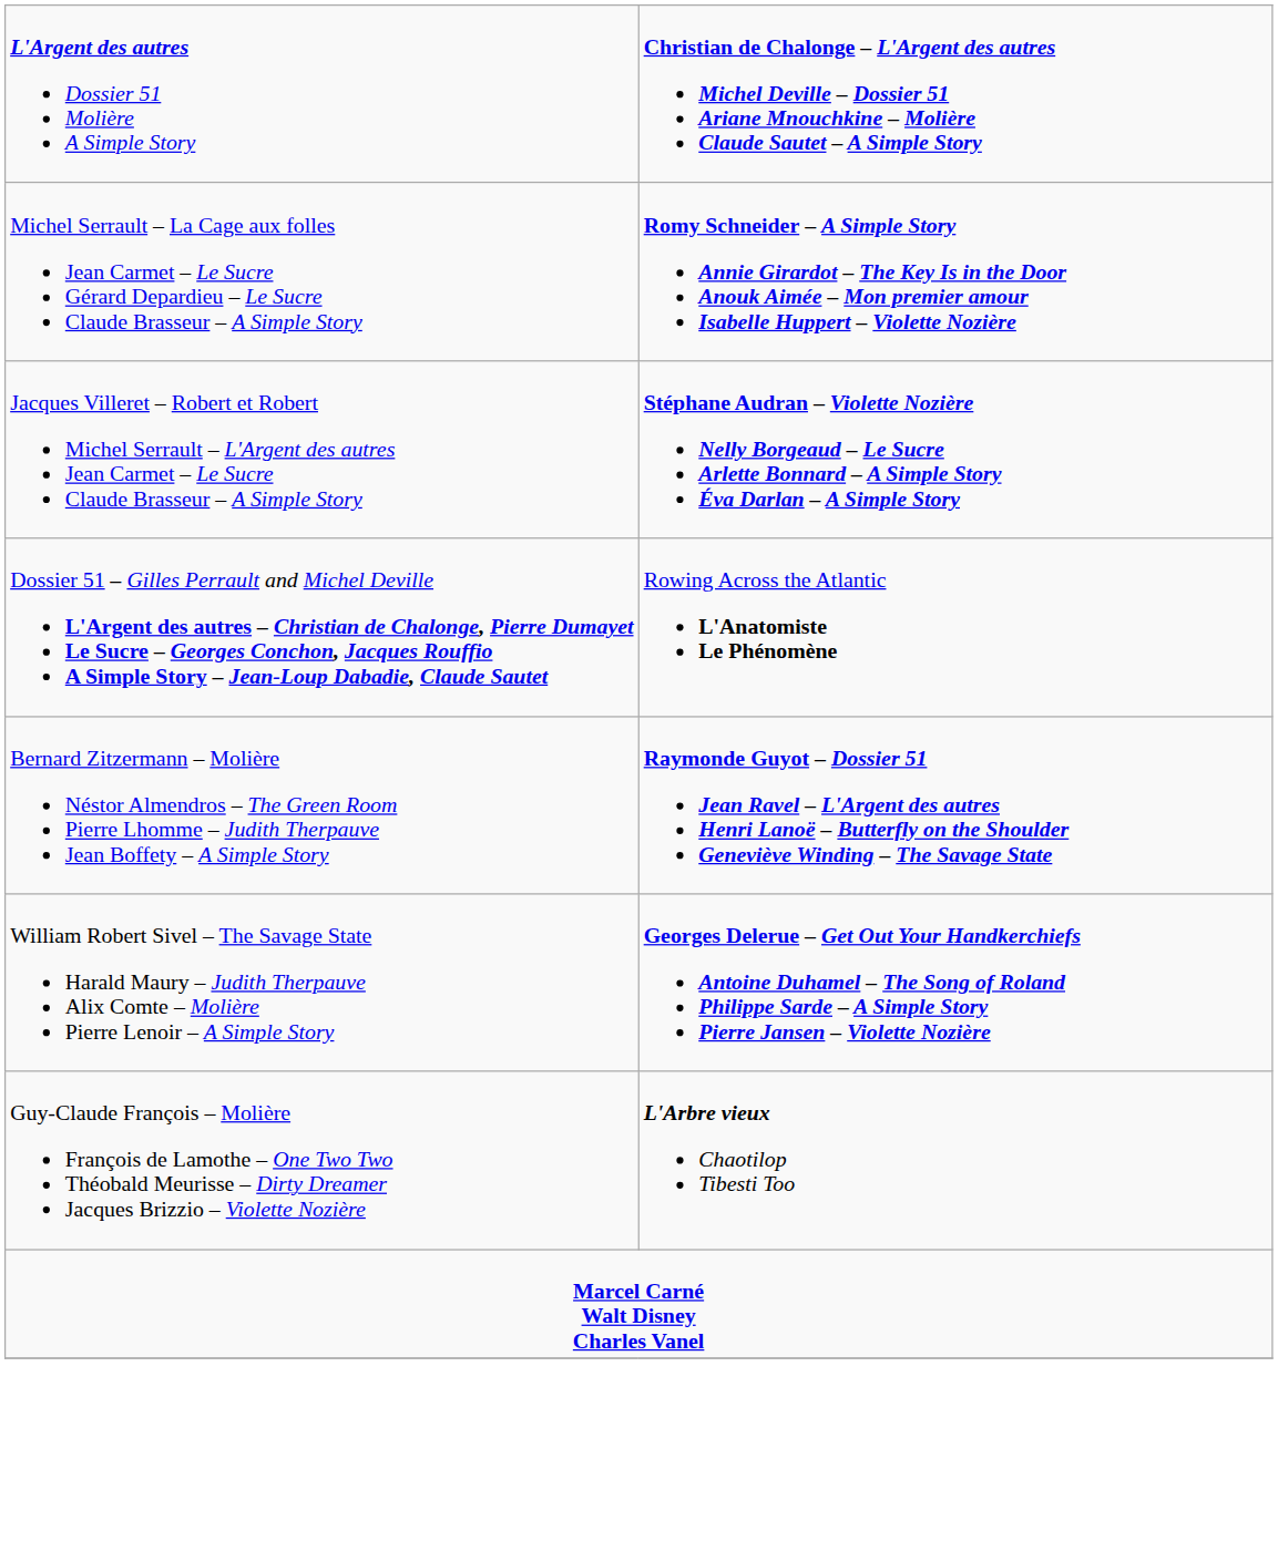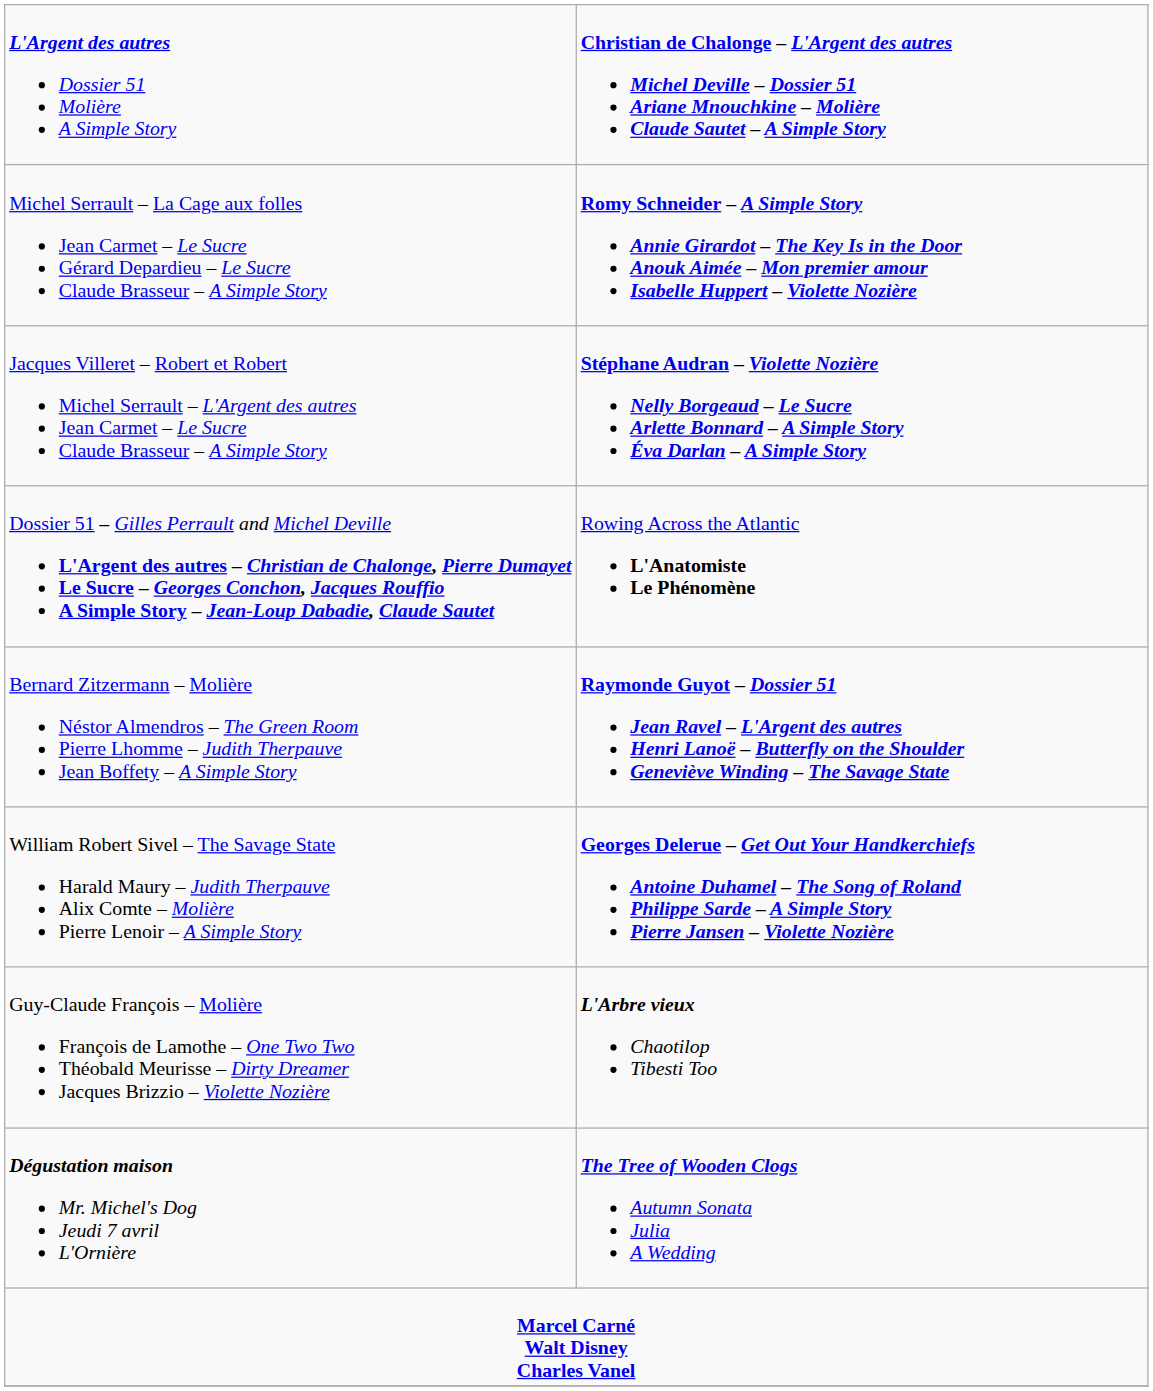 <table class=wikitable style="width="150%">
 <tr>
 <td valign="top" width="50%"><br> <strong><em><a href='#'>L'Argent des autres</a></em></strong><ul><li><em><a href='#'>Dossier 51</a></em></li><li><em><a href='#'>Molière</a></em></li><li><em><a href='#'>A Simple Story</a></em></li></ul></td>
 <td valign="top" width="50%"><br> <strong><a href='#'>Christian de Chalonge</a> – <em><a href='#'>L'Argent des autres</a><strong><em><ul><li><a href='#'>Michel Deville</a> – </em><a href='#'>Dossier 51</a><em></li><li><a href='#'>Ariane Mnouchkine</a> – </em><a href='#'>Molière</a><em></li><li><a href='#'>Claude Sautet</a> – </em><a href='#'>A Simple Story</a><em></li></ul></td>
 </tr>
 <tr>
 <td valign="top" width="50%"><br> </strong><a href='#'>Michel Serrault</a> –  </em><a href='#'>La Cage aux folles</a></em></strong><ul><li><a href='#'>Jean Carmet</a> – <em><a href='#'>Le Sucre</a></em></li><li><a href='#'>Gérard Depardieu</a> – <em><a href='#'>Le Sucre</a></em></li><li><a href='#'>Claude Brasseur</a> – <em><a href='#'>A Simple Story</a></em></li></ul></td>
 <td valign="top" width="50%"><br> <strong><a href='#'>Romy Schneider</a> – <em><a href='#'>A Simple Story</a><strong><em><ul><li><a href='#'>Annie Girardot</a> – </em><a href='#'>The Key Is in the Door</a><em></li><li><a href='#'>Anouk Aimée</a> – </em><a href='#'>Mon premier amour</a><em></li><li><a href='#'>Isabelle Huppert</a> – </em><a href='#'>Violette Nozière</a><em></li></ul></td>
 </tr>
 <tr>
 <td valign="top" width="50%"><br> </strong><a href='#'>Jacques Villeret</a> – </em><a href='#'>Robert et Robert</a></em></strong><ul><li><a href='#'>Michel Serrault</a> – <em><a href='#'>L'Argent des autres</a></em></li><li><a href='#'>Jean Carmet</a> – <em><a href='#'>Le Sucre</a></em></li><li><a href='#'>Claude Brasseur</a> – <em><a href='#'>A Simple Story</a></em></li></ul></td>
 <td valign="top" width="50%"><br> <strong><a href='#'>Stéphane Audran</a> – <em><a href='#'>Violette Nozière</a><strong><em><ul><li><a href='#'>Nelly Borgeaud</a> – </em><a href='#'>Le Sucre</a><em></li><li><a href='#'>Arlette Bonnard</a> – </em><a href='#'>A Simple Story</a><em></li><li><a href='#'>Éva Darlan</a> – </em><a href='#'>A Simple Story</a><em></li></ul></td>
 </tr>
 <tr>
 <td valign="top" width="50%"><br> </em></strong><a href='#'>Dossier 51</a><strong><em> – </strong><a href='#'>Gilles Perrault</a> and <a href='#'>Michel Deville</a><strong><ul><li></em><a href='#'>L'Argent des autres</a><em> – <a href='#'>Christian de Chalonge</a>, <a href='#'>Pierre Dumayet</a></li><li></em><a href='#'>Le Sucre</a><em> – <a href='#'>Georges Conchon</a>, <a href='#'>Jacques Rouffio</a></li><li></em><a href='#'>A Simple Story</a><em> – <a href='#'>Jean-Loup Dabadie</a>, <a href='#'>Claude Sautet</a></li></ul></td>
 <td valign="top" width="50%"><br> </em></strong><a href='#'>Rowing Across the Atlantic</a><strong><em><ul><li></em>L'Anatomiste<em></li><li></em>Le Phénomène<em></li></ul></td>
 </tr>
 <tr>
 <td valign="top" width="50%"><br> </strong><a href='#'>Bernard Zitzermann</a> – </em><a href='#'>Molière</a></em></strong><ul><li><a href='#'>Néstor Almendros</a> – <em><a href='#'>The Green Room</a></em></li><li><a href='#'>Pierre Lhomme</a> – <em><a href='#'>Judith Therpauve</a></em></li><li><a href='#'>Jean Boffety</a> – <em><a href='#'>A Simple Story</a></em></li></ul></td>
 <td valign="top" width="50%"><br> <strong><a href='#'>Raymonde Guyot</a> – <em><a href='#'>Dossier 51</a><strong><em><ul><li><a href='#'>Jean Ravel</a> – </em><a href='#'>L'Argent des autres</a><em></li><li><a href='#'>Henri Lanoë</a> – </em><a href='#'>Butterfly on the Shoulder</a><em></li><li><a href='#'>Geneviève Winding</a> – </em><a href='#'>The Savage State</a><em></li></ul></td>
 </tr>
 <tr>
 <td valign="top" width="50%"><br> </strong>William Robert Sivel – </em><a href='#'>The Savage State</a></em></strong><ul><li>Harald Maury – <em><a href='#'>Judith Therpauve</a></em></li><li>Alix Comte – <em><a href='#'>Molière</a></em></li><li>Pierre Lenoir – <em><a href='#'>A Simple Story</a></em></li></ul></td>
 <td valign="top" width="50%"><br> <strong><a href='#'>Georges Delerue</a> – <em><a href='#'>Get Out Your Handkerchiefs</a><strong><em><ul><li><a href='#'>Antoine Duhamel</a> – </em><a href='#'>The Song of Roland</a><em></li><li><a href='#'>Philippe Sarde</a> – </em><a href='#'>A Simple Story</a><em></li><li><a href='#'>Pierre Jansen</a> – </em><a href='#'>Violette Nozière</a><em></li></ul></td>
 </tr>
 <tr>
 <td valign="top" width="50%"><br> </strong>Guy-Claude François – </em><a href='#'>Molière</a></em></strong><ul><li>François de Lamothe – <em><a href='#'>One Two Two</a></em></li><li>Théobald Meurisse – <em><a href='#'>Dirty Dreamer</a></em></li><li>Jacques Brizzio – <em><a href='#'>Violette Nozière</a></em></li></ul></td>
 <td valign="top" width="50%"><br> <strong><em>L'Arbre vieux</em></strong><ul><li><em>Chaotilop</em></li><li><em>Tibesti Too</em></li></ul></td>
 </tr>
 <tr>
+<td valign="top" width="50%"><br> <strong><em>Dégustation maison</em></strong><ul><li><em>Mr. Michel's Dog</em></li><li><em>Jeudi 7 avril</em></li><li><em>L'Ornière</em></li></ul></td>
+<td valign="top" width="50%"><br> <strong><em><a href='#'>The Tree of Wooden Clogs</a></em></strong><ul><li><em><a href='#'>Autumn Sonata</a></em></li><li><em><a href='#'>Julia</a></em></li><li><em><a href='#'>A Wedding</a></em></li></ul></td>
+</tr>
+<tr>
 <td align="center" colspan="2" valign="top" width="50%"><br> <strong><a href='#'>Marcel Carné</a></strong><br> <strong><a href='#'>Walt Disney</a></strong><br> <strong><a href='#'>Charles Vanel</a></strong></td>
 </tr>
 <tr>
 </tr>
 </table>
